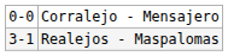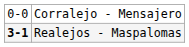 <table class="wikitable">
 <tr align=center bgcolor=white>
 <td>0-0</td>
 <td>Corralejo - Mensajero</td>
 </tr>
 <tr align=center bgcolor=#F5F5F5>
-<td>3-1</td>
+<td><strong>3-1</strong></td>
 <td>Realejos - Maspalomas</td>
 </tr>
 </table>
